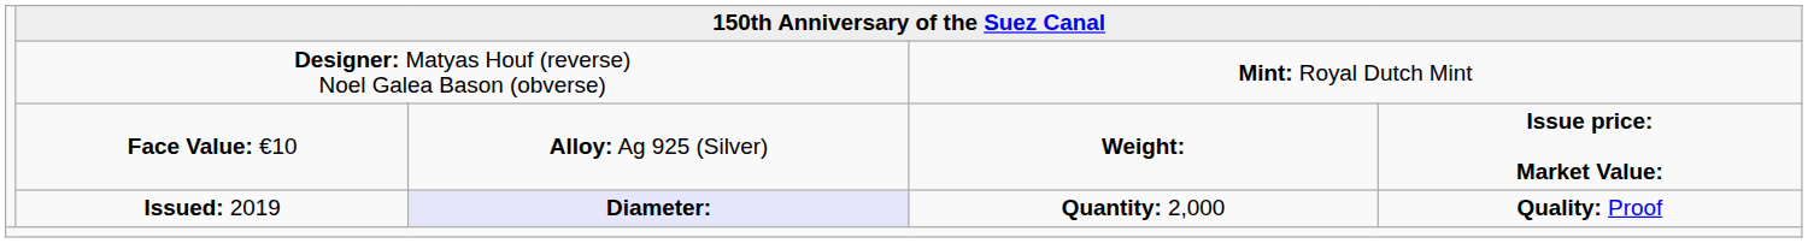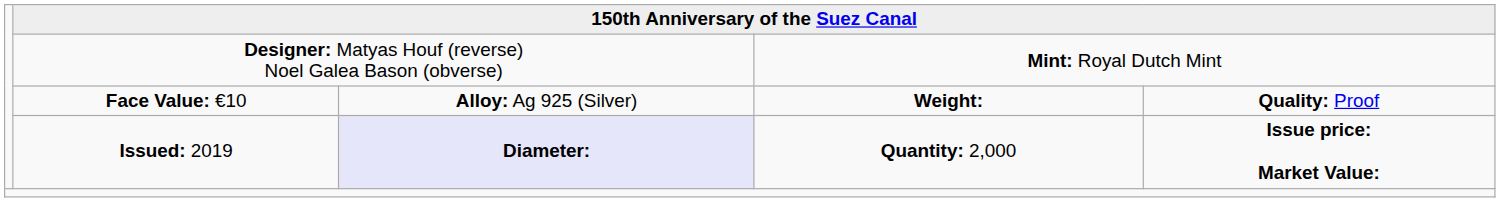 <table class="wikitable" width=100%>
 <tr>
 <td rowspan=4 width="330px" nowrap align=center></td>
 <th colspan="4" align=center style="background:#eeeeee;">150th Anniversary of the <a href='#'>Suez Canal</a></th>
 </tr>
 <tr>
 <td colspan="2" width="50%" align=center><strong>Designer:</strong> Matyas Houf (reverse)<br>Noel Galea Bason (obverse)</td>
 <td colspan="2" width="50%" align=center><strong>Mint:</strong> Royal Dutch Mint</td>
 </tr>
 <tr>
 <td align=center><strong>Face Value:</strong> €10</td>
 <td align=center><strong>Alloy:</strong> Ag 925 (Silver)</td>
 <td align=center><strong>Weight:</strong> </td>
-<td align=center><strong>Issue price:</strong><br><br> <strong>Market Value:</strong></td>
+<td align=center><strong>Quality:</strong> <a href='#'>Proof</a></td>
 </tr>
 <tr>
 <td align=center><strong>Issued:</strong> 2019</td>
 <td align=center style="background: lavender;"><strong>Diameter:</strong> </td>
 <td align=center><strong>Quantity:</strong> 2,000</td>
-<td align=center><strong>Quality:</strong> <a href='#'>Proof</a></td>
+<td align=center><strong>Issue price:</strong><br><br> <strong>Market Value:</strong></td>
 </tr>
 <tr>
 <td colspan="5" align=left></td>
 </tr>
 </table>
